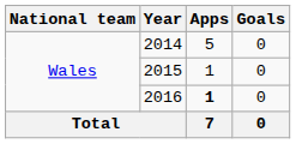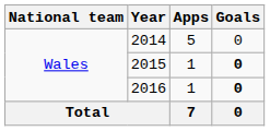 <table class=wikitable style=text-align:center>
 <tr>
 <th>National team</th>
 <th>Year</th>
 <th>Apps</th>
 <th>Goals</th>
 </tr>
 <tr>
 <td rowspan=3><a href='#'>Wales</a></td>
 <td>2014</td>
 <td>5</td>
 <td>0</td>
 </tr>
 <tr>
 <td>2015</td>
 <td>1</td>
-<td>0</td>
+<td><strong>0</strong></td>
 </tr>
 <tr>
 <td>2016</td>
-<td><strong>1</strong></td>
-<td>0</td>
+<td>1</td>
+<td><strong>0</strong></td>
 </tr>
 <tr>
 <th colspan=2>Total</th>
 <th>7</th>
 <th>0</th>
 </tr>
 </table>
